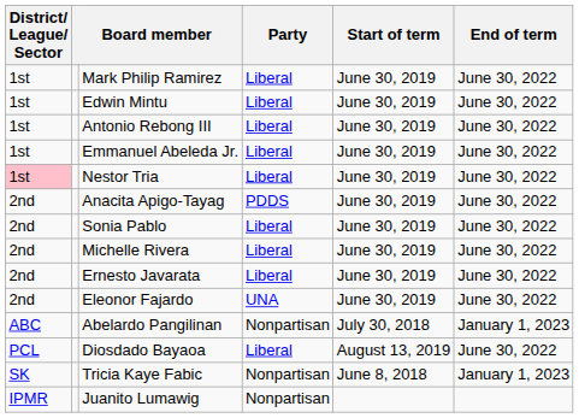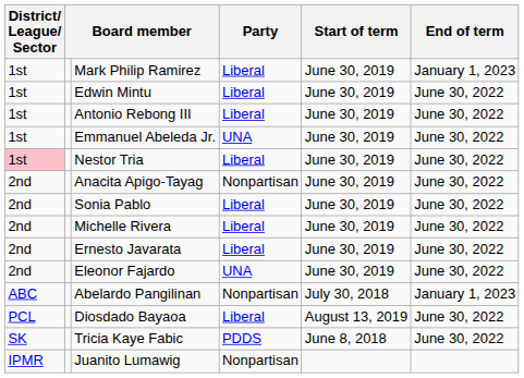 <table class="wikitable">
 <tr>
 <th>District/<br>League/<br>Sector</th>
 <th colspan="2">Board member</th>
 <th>Party</th>
 <th>Start of term</th>
 <th>End of term</th>
 </tr>
 <tr>
 <td>1st</td>
 <td></td>
 <td>Mark Philip Ramirez</td>
 <td><a href='#'>Liberal</a></td>
 <td>June 30, 2019</td>
-<td>June 30, 2022</td>
+<td>January 1, 2023</td>
 </tr>
 <tr>
 <td>1st</td>
 <td></td>
 <td>Edwin Mintu</td>
 <td><a href='#'>Liberal</a></td>
 <td>June 30, 2019</td>
 <td>June 30, 2022</td>
 </tr>
 <tr>
 <td>1st</td>
 <td></td>
 <td>Antonio Rebong III</td>
 <td><a href='#'>Liberal</a></td>
 <td>June 30, 2019</td>
 <td>June 30, 2022</td>
 </tr>
 <tr>
 <td>1st</td>
 <td></td>
 <td>Emmanuel Abeleda Jr.</td>
-<td><a href='#'>Liberal</a></td>
+<td><a href='#'>UNA</a></td>
 <td>June 30, 2019</td>
 <td>June 30, 2022</td>
 </tr>
 <tr>
 <td style="background: pink;">1st</td>
 <td></td>
 <td>Nestor Tria</td>
 <td><a href='#'>Liberal</a></td>
 <td>June 30, 2019</td>
 <td>June 30, 2022</td>
 </tr>
 <tr>
 <td>2nd</td>
 <td></td>
 <td>Anacita Apigo-Tayag</td>
-<td><a href='#'>PDDS</a></td>
+<td>Nonpartisan</td>
 <td>June 30, 2019</td>
 <td>June 30, 2022</td>
 </tr>
 <tr>
 <td>2nd</td>
 <td></td>
 <td>Sonia Pablo</td>
 <td><a href='#'>Liberal</a></td>
 <td>June 30, 2019</td>
 <td>June 30, 2022</td>
 </tr>
 <tr>
 <td>2nd</td>
 <td></td>
 <td>Michelle Rivera</td>
 <td><a href='#'>Liberal</a></td>
 <td>June 30, 2019</td>
 <td>June 30, 2022</td>
 </tr>
 <tr>
 <td>2nd</td>
 <td></td>
 <td>Ernesto Javarata</td>
 <td><a href='#'>Liberal</a></td>
 <td>June 30, 2019</td>
 <td>June 30, 2022</td>
 </tr>
 <tr>
 <td>2nd</td>
 <td></td>
 <td>Eleonor Fajardo</td>
 <td><a href='#'>UNA</a></td>
 <td>June 30, 2019</td>
 <td>June 30, 2022</td>
 </tr>
 <tr>
 <td><a href='#'>ABC</a></td>
 <td></td>
 <td>Abelardo Pangilinan</td>
 <td>Nonpartisan</td>
 <td>July 30, 2018</td>
 <td>January 1, 2023</td>
 </tr>
 <tr>
 <td><a href='#'>PCL</a></td>
 <td></td>
 <td>Diosdado Bayaoa</td>
 <td><a href='#'>Liberal</a></td>
 <td>August 13, 2019</td>
 <td>June 30, 2022</td>
 </tr>
 <tr>
 <td><a href='#'>SK</a></td>
 <td></td>
 <td>Tricia Kaye Fabic</td>
-<td>Nonpartisan</td>
+<td><a href='#'>PDDS</a></td>
 <td>June 8, 2018</td>
-<td>January 1, 2023</td>
+<td>June 30, 2022</td>
 </tr>
 <tr>
 <td><a href='#'>IPMR</a></td>
 <td></td>
 <td>Juanito Lumawig</td>
 <td>Nonpartisan</td>
 <td></td>
 <td></td>
 </tr>
 </table>
